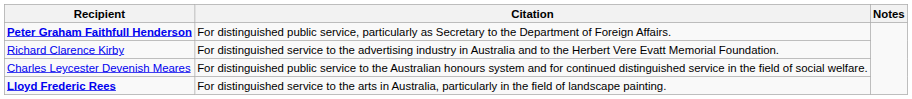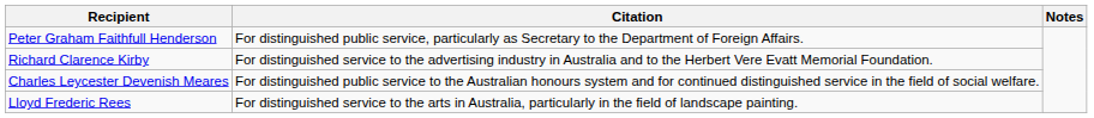 <table class="wikitable" style="font-size:95%;">
 <tr>
 <th>Recipient</th>
 <th>Citation</th>
 <th>Notes</th>
 </tr>
 <tr>
-<td><strong><a href='#'>Peter Graham Faithfull Henderson</a></strong></td>
+<td><a href='#'>Peter Graham Faithfull Henderson</a></td>
 <td>For distinguished public service, particularly as Secretary to the Department of Foreign Affairs.</td>
 <td rowspan=4></td>
 </tr>
 <tr>
 <td> <a href='#'>Richard Clarence Kirby</a></td>
 <td>For distinguished service to the advertising industry in Australia and to the Herbert Vere Evatt Memorial Foundation.</td>
 </tr>
 <tr>
 <td> <a href='#'>Charles Leycester Devenish Meares</a></td>
 <td>For distinguished public service to the Australian honours system and for continued distinguished service in the field of social welfare.</td>
 </tr>
 <tr>
-<td><strong><a href='#'>Lloyd Frederic Rees</a> </strong></td>
+<td><a href='#'>Lloyd Frederic Rees</a> </td>
 <td>For distinguished service to the arts in Australia, particularly in the field of landscape painting.</td>
 </tr>
 </table>
